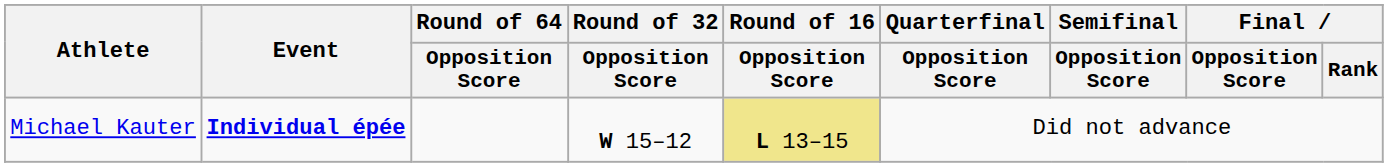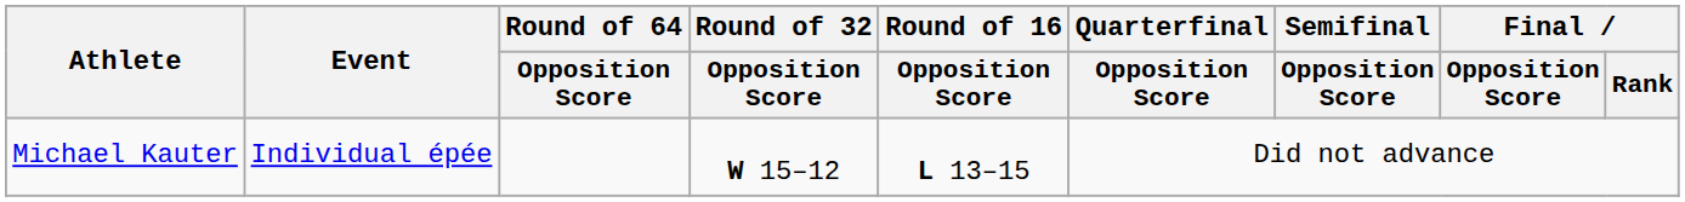 <table class="wikitable" style="font-size:90%">
 <tr>
 <th rowspan="2">Athlete</th>
 <th rowspan="2">Event</th>
 <th>Round of 64</th>
 <th>Round of 32</th>
 <th>Round of 16</th>
 <th>Quarterfinal</th>
 <th>Semifinal</th>
 <th colspan=2>Final / </th>
 </tr>
 <tr style="font-size:95%">
 <th>Opposition <br> Score</th>
 <th>Opposition <br> Score</th>
 <th>Opposition <br> Score</th>
 <th>Opposition <br> Score</th>
 <th>Opposition <br> Score</th>
 <th>Opposition <br> Score</th>
 <th>Rank</th>
 </tr>
 <tr align=center>
 <td align=left><a href='#'>Michael Kauter</a></td>
-<td align=left><strong><a href='#'>Individual épée</a></strong></td>
+<td align=left><a href='#'>Individual épée</a></td>
 <td></td>
 <td><br><strong>W</strong> 15–12</td>
-<td style="background: khaki;"><br><strong>L</strong> 13–15</td>
+<td><br><strong>L</strong> 13–15</td>
 <td colspan=4>Did not advance</td>
 </tr>
 </table>
